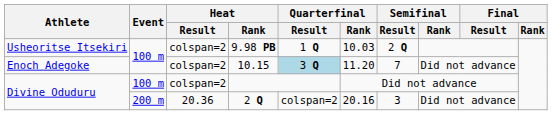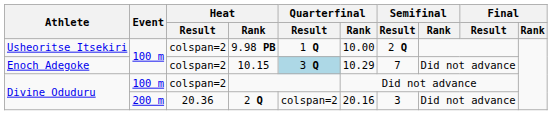 <table class="wikitable" style="font-size:90%">
 <tr>
 <th rowspan="2">Athlete</th>
 <th rowspan="2">Event</th>
 <th colspan="2">Heat</th>
 <th colspan="2">Quarterfinal</th>
 <th colspan="2">Semifinal</th>
 <th colspan="2">Final</th>
 </tr>
 <tr style="font-size:95%">
 <th>Result</th>
 <th>Rank</th>
 <th>Result</th>
 <th>Rank</th>
 <th>Result</th>
 <th>Rank</th>
 <th>Result</th>
 <th>Rank</th>
 </tr>
 <tr align=center>
 <td align=left><a href='#'>Usheoritse Itsekiri</a></td>
 <td rowspan="2" align="left"><a href='#'>100 m</a></td>
 <td>colspan=2 </td>
 <td>9.98 <strong>PB</strong></td>
 <td>1 <strong>Q</strong></td>
-<td>10.03</td>
+<td>10.00</td>
 <td>2 <strong>Q</strong></td>
 <td colspan="2"></td>
 </tr>
 <tr align=center>
 <td align=left><a href='#'>Enoch Adegoke</a></td>
 <td>colspan=2 </td>
 <td>10.15</td>
 <td style="background: lightblue;">3 <strong>Q</strong></td>
-<td>11.20</td>
+<td>10.29</td>
 <td>7</td>
 <td colspan="2">Did not advance</td>
 </tr>
 <tr align=center>
 <td align=left rowspan=2><a href='#'>Divine Oduduru</a></td>
 <td align=left><a href='#'>100 m</a></td>
 <td>colspan=2 </td>
 <td colspan="2"></td>
 <td colspan="4">Did not advance</td>
 </tr>
 <tr align=center>
 <td align=left><a href='#'>200 m</a></td>
 <td>20.36</td>
 <td>2 <strong>Q</strong></td>
 <td>colspan=2 </td>
 <td>20.16</td>
 <td>3</td>
 <td colspan="2">Did not advance</td>
 </tr>
 </table>
